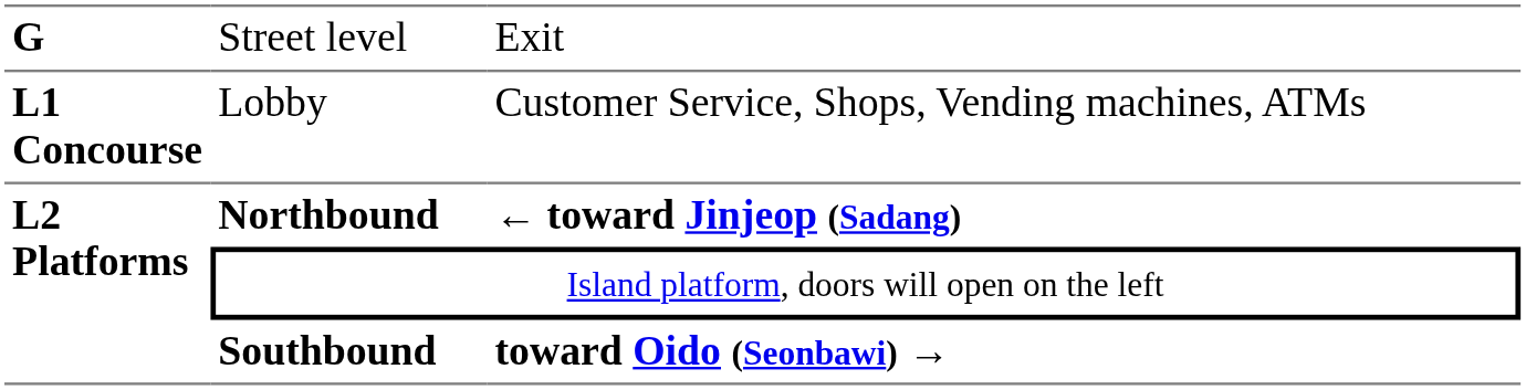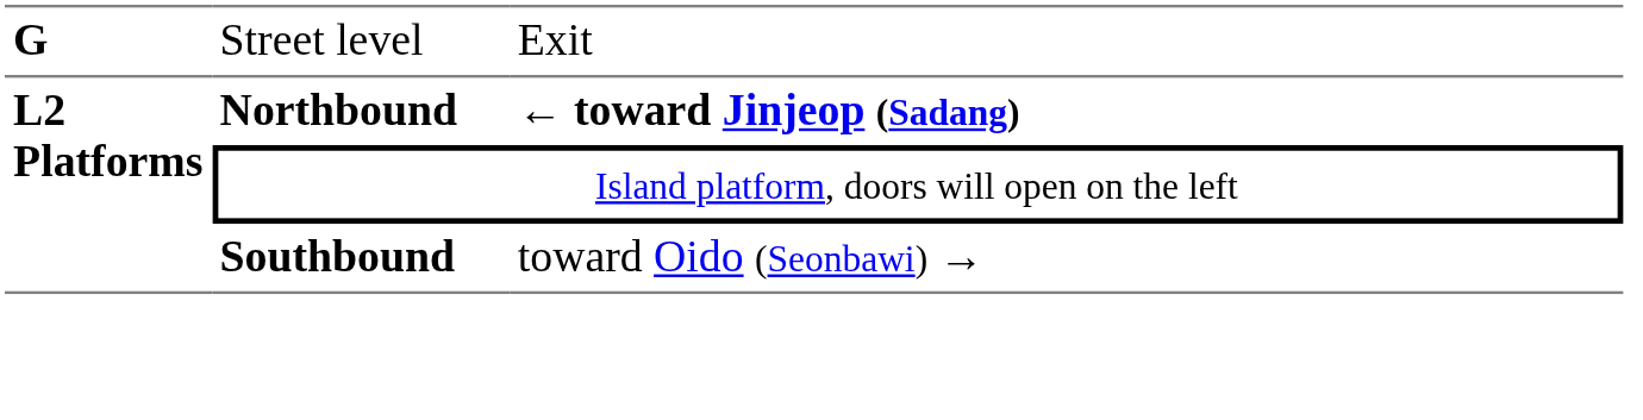 <table table border=0 cellspacing=0 cellpadding=3>
 <tr>
 <td style="border-top:solid 1px gray;" width=50 valign=top><strong>G</strong></td>
 <td style="border-top:solid 1px gray;" width=100 valign=top>Street level</td>
 <td style="border-top:solid 1px gray;" width=390 valign=top>Exit</td>
-</tr>
-<tr>
-<td style="border-top:solid 1px gray;"  valign=top width=50><strong>L1<br>Concourse</strong></td>
-<td style="border-top:solid 1px gray;"  valign=top width=100>Lobby</td>
-<td style="border-top:solid 1px gray;" valign=top width=390>Customer Service, Shops, Vending machines, ATMs</td>
 </tr>
 <tr>
 <td style="border-top:solid 1px gray;border-bottom:solid 1px gray;" width=50 rowspan=3 valign=top><strong>L2<br>Platforms</strong></td>
 <td style="border-bottom:solid 0px gray;border-top:solid 1px gray;" width=100><strong>Northbound</strong></td>
 <td style="border-bottom:solid 0px gray;border-top:solid 1px gray;" width=390><strong>←  toward <a href='#'>Jinjeop</a> <small>(<a href='#'>Sadang</a>)</small></strong></td>
 </tr>
 <tr>
 <td style="border-top:solid 2px black;border-right:solid 2px black;border-left:solid 2px black;border-bottom:solid 2px black;text-align:center;" colspan=2><small><a href='#'>Island platform</a>, doors will open on the left</small></td>
 </tr>
 <tr>
 <td style="border-bottom:solid 1px gray;"><strong>Southbound</strong></td>
-<td style="border-bottom:solid 1px gray;"><strong>  toward <a href='#'>Oido</a> <small>(<a href='#'>Seonbawi</a>)</small> →<br></strong></td>
+<td style="border-bottom:solid 1px gray;">  toward <a href='#'>Oido</a> <small>(<a href='#'>Seonbawi</a>)</small> →<br></td>
 </tr>
 </table>
